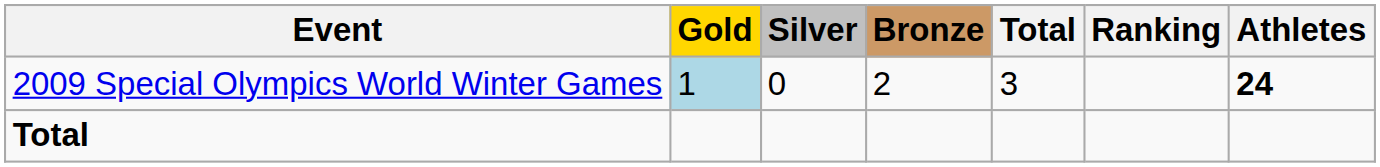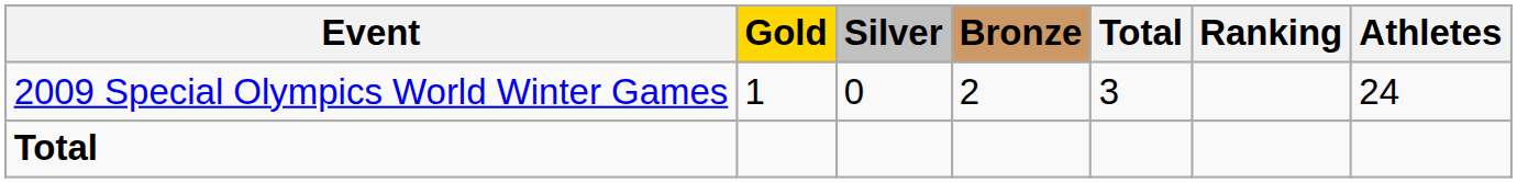 <table class="wikitable">
 <tr>
 <th>Event</th>
 <td style="background:gold; font-weight:bold;">Gold</td>
 <td style="background:silver; font-weight:bold;">Silver</td>
 <td style="background:#cc9966; font-weight:bold;">Bronze</td>
 <th>Total</th>
 <th>Ranking</th>
 <th>Athletes</th>
 </tr>
 <tr>
 <td><a href='#'>2009 Special Olympics World Winter Games</a></td>
-<td style="background: lightblue;">1</td>
+<td>1</td>
 <td>0</td>
 <td>2</td>
 <td>3</td>
 <td></td>
-<td><strong>24</strong></td>
+<td>24</td>
 </tr>
 <tr>
 <td><strong> Total</strong></td>
 <td><strong> </strong></td>
 <td><strong> </strong></td>
 <td><strong> </strong></td>
 <td><strong></strong></td>
 <td></td>
 </tr>
 </table>
